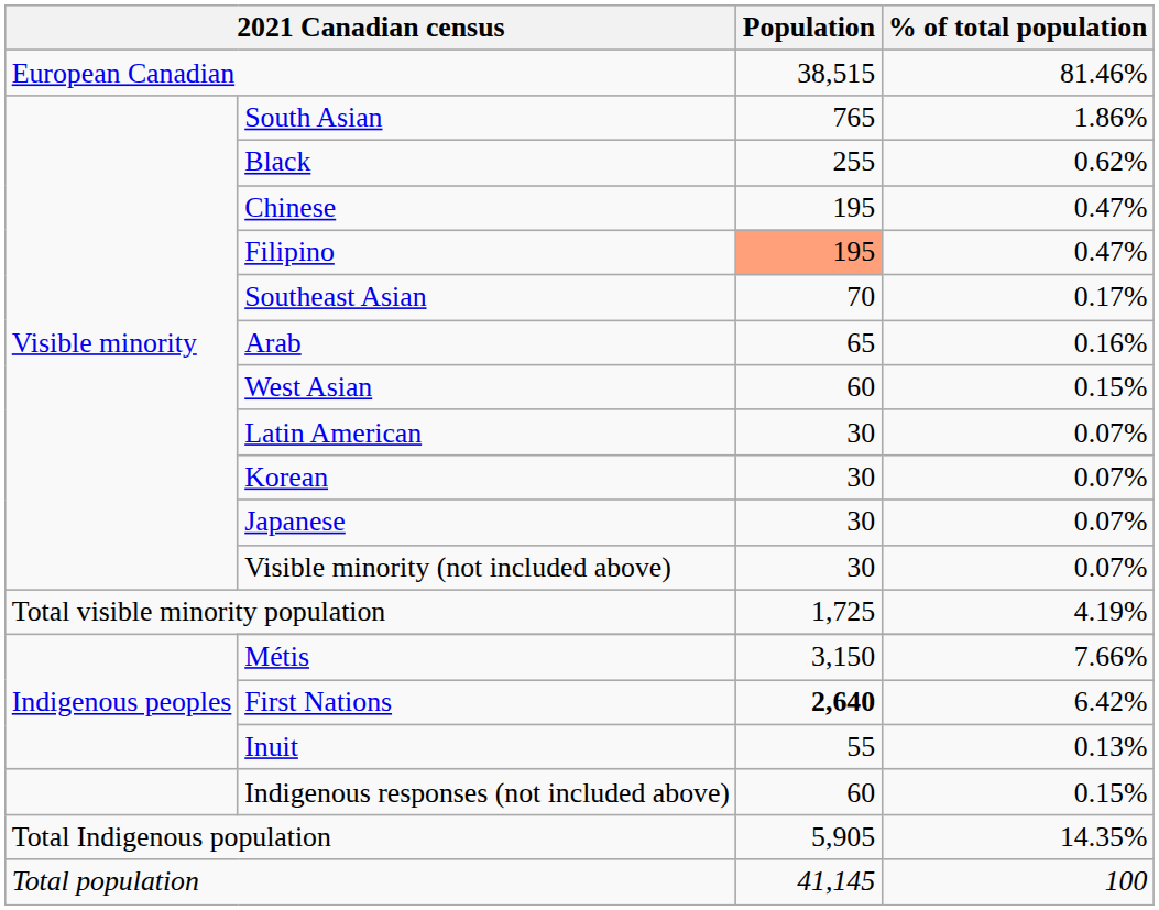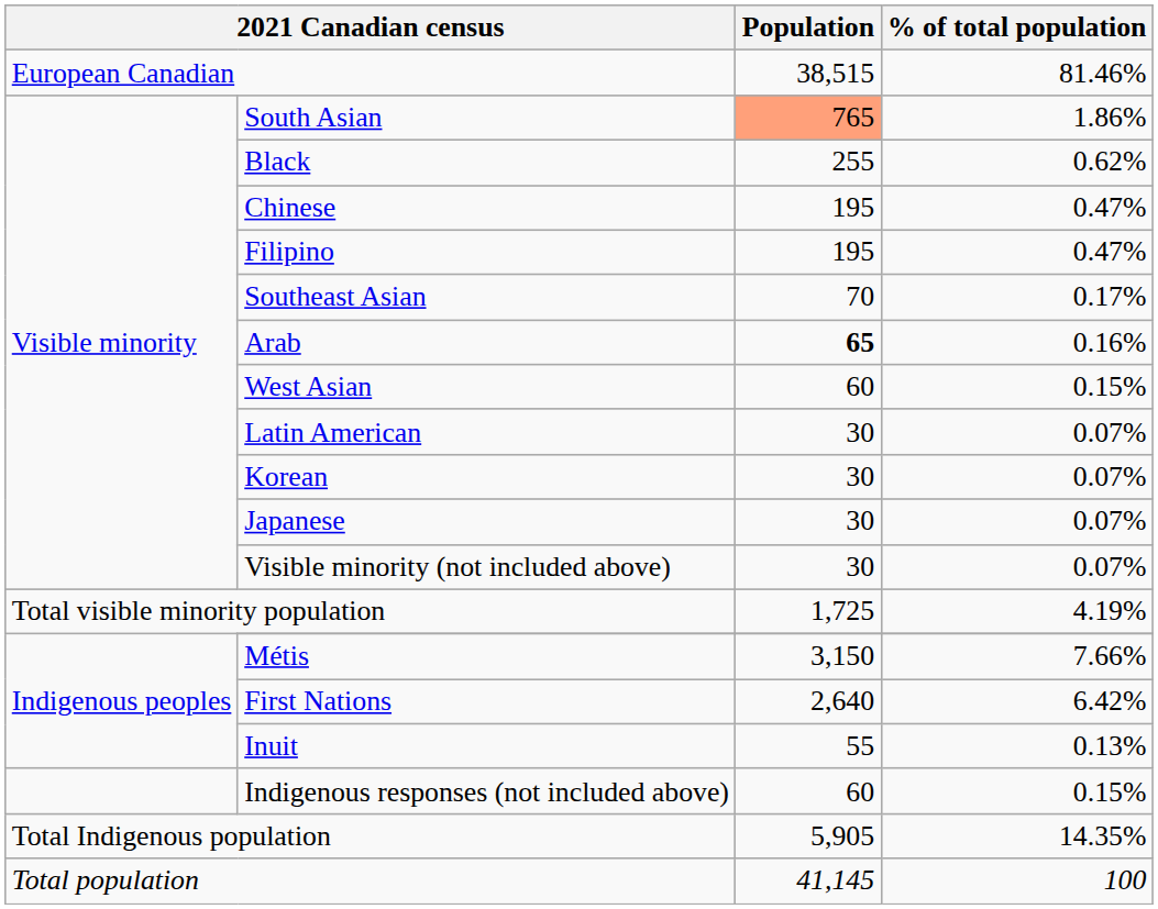 <table class="wikitable">
 <tr>
 <th colspan="2">2021 Canadian census</th>
 <th>Population</th>
 <th>% of total population</th>
 </tr>
 <tr>
 <td colspan="2"><a href='#'>European Canadian</a></td>
 <td align="right">38,515</td>
 <td align="right">81.46%</td>
 </tr>
 <tr>
 <td rowspan="11"><a href='#'>Visible minority</a></td>
 <td><a href='#'>South Asian</a></td>
-<td align=right>765</td>
+<td align=right style="background: lightsalmon;">765</td>
 <td align=right>1.86%</td>
 </tr>
 <tr>
 <td><a href='#'>Black</a></td>
 <td align=right>255</td>
 <td align=right>0.62%</td>
 </tr>
 <tr>
 <td><a href='#'>Chinese</a></td>
 <td align=right>195</td>
 <td align=right>0.47%</td>
 </tr>
 <tr>
 <td><a href='#'>Filipino</a></td>
-<td align=right style="background: lightsalmon;">195</td>
+<td align=right>195</td>
 <td align=right>0.47%</td>
 </tr>
 <tr>
 <td><a href='#'>Southeast Asian</a></td>
 <td align=right>70</td>
 <td align=right>0.17%</td>
 </tr>
 <tr>
 <td><a href='#'>Arab</a></td>
-<td align=right>65</td>
+<td align=right><strong>65</strong></td>
 <td align=right>0.16%</td>
 </tr>
 <tr>
 <td><a href='#'>West Asian</a></td>
 <td align=right>60</td>
 <td align=right>0.15%</td>
 </tr>
 <tr>
 <td><a href='#'>Latin American</a></td>
 <td align=right>30</td>
 <td align=right>0.07%</td>
 </tr>
 <tr>
 <td><a href='#'>Korean</a></td>
 <td align=right>30</td>
 <td align=right>0.07%</td>
 </tr>
 <tr>
 <td><a href='#'>Japanese</a></td>
 <td align=right>30</td>
 <td align=right>0.07%</td>
 </tr>
 <tr>
 <td>Visible minority (not included above)</td>
 <td align=right>30</td>
 <td align=right>0.07%</td>
 </tr>
 <tr>
 <td colspan="2">Total visible minority population</td>
 <td align=right>1,725</td>
 <td align=right>4.19%</td>
 </tr>
 <tr>
 <td rowspan="4"><a href='#'>Indigenous peoples</a></td>
 </tr>
 <tr>
 <td><a href='#'>Métis </a></td>
 <td align=right>3,150</td>
 <td align=right>7.66%</td>
 </tr>
 <tr>
 <td><a href='#'>First Nations</a></td>
-<td align=right><strong>2,640</strong></td>
+<td align=right>2,640</td>
 <td align=right>6.42%</td>
 </tr>
 <tr>
 <td><a href='#'>Inuit </a></td>
 <td align=right>55</td>
 <td align=right>0.13%</td>
 </tr>
 <tr>
 <td></td>
 <td>Indigenous responses (not included above)</td>
 <td align=right>60</td>
 <td align=right>0.15%</td>
 </tr>
 <tr>
 <td colspan="2">Total Indigenous population</td>
 <td align=right>5,905</td>
 <td align=right>14.35%</td>
 </tr>
 <tr>
 <td colspan="2"><em>Total population</em></td>
 <td align="right"><em>41,145</em></td>
 <td align="right"><em>100</em></td>
 </tr>
 </table>
